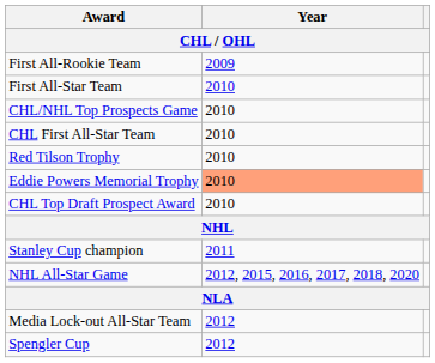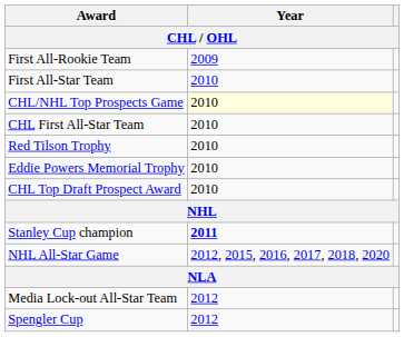 <table class="wikitable">
 <tr>
 <th>Award</th>
 <th>Year</th>
 <th></th>
 </tr>
 <tr>
 <th colspan="3"><a href='#'>CHL</a> / <a href='#'>OHL</a></th>
 </tr>
 <tr>
 <td>First All-Rookie Team</td>
 <td><a href='#'>2009</a></td>
 <td></td>
 </tr>
 <tr>
 <td>First All-Star Team</td>
 <td><a href='#'>2010</a></td>
 <td></td>
 </tr>
 <tr>
 <td><a href='#'>CHL/NHL Top Prospects Game</a></td>
-<td>2010</td>
+<td style="background: lightyellow;">2010</td>
 <td></td>
 </tr>
 <tr>
 <td><a href='#'>CHL</a> First All-Star Team</td>
 <td>2010</td>
 <td></td>
 </tr>
 <tr>
 <td><a href='#'>Red Tilson Trophy</a></td>
 <td>2010</td>
 <td></td>
 </tr>
 <tr>
 <td><a href='#'>Eddie Powers Memorial Trophy</a></td>
-<td style="background: lightsalmon;">2010</td>
+<td>2010</td>
 <td></td>
 </tr>
 <tr>
 <td><a href='#'>CHL Top Draft Prospect Award</a></td>
 <td>2010</td>
 <td></td>
 </tr>
 <tr>
 <th colspan="3"><a href='#'>NHL</a></th>
 </tr>
 <tr>
 <td><a href='#'>Stanley Cup</a> champion</td>
-<td><a href='#'>2011</a></td>
+<td><strong><a href='#'>2011</a></strong></td>
 <td></td>
 </tr>
 <tr>
 <td><a href='#'>NHL All-Star Game</a></td>
 <td><a href='#'>2012</a>, <a href='#'>2015</a>, <a href='#'>2016</a>, <a href='#'>2017</a>, <a href='#'>2018</a>, <a href='#'>2020</a></td>
 <td></td>
 </tr>
 <tr>
 <th colspan="3"><a href='#'>NLA</a></th>
 </tr>
 <tr>
 <td>Media Lock-out All-Star Team</td>
 <td><a href='#'>2012</a></td>
 <td></td>
 </tr>
 <tr>
 <td><a href='#'>Spengler Cup</a></td>
 <td><a href='#'>2012</a></td>
 <td></td>
 </tr>
 </table>
